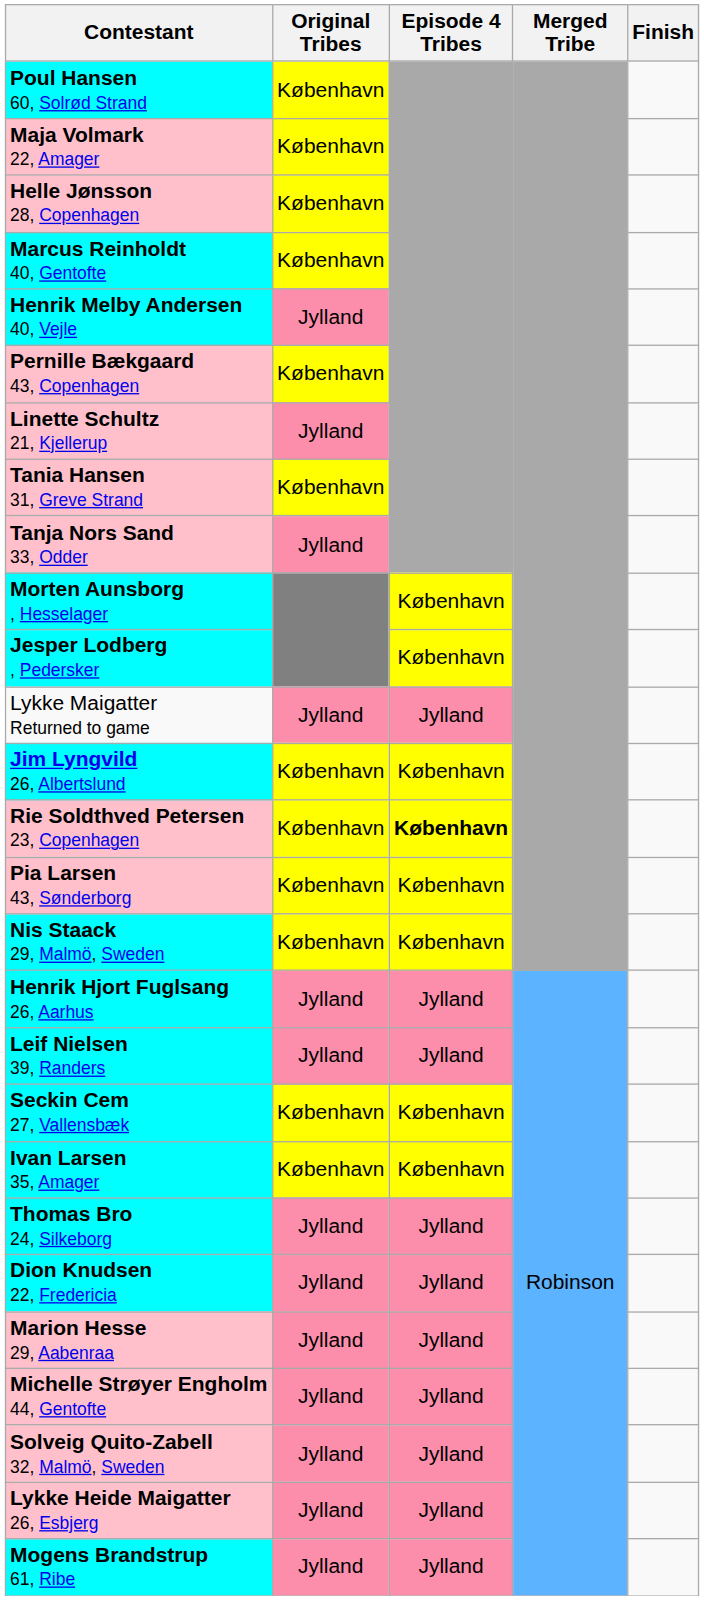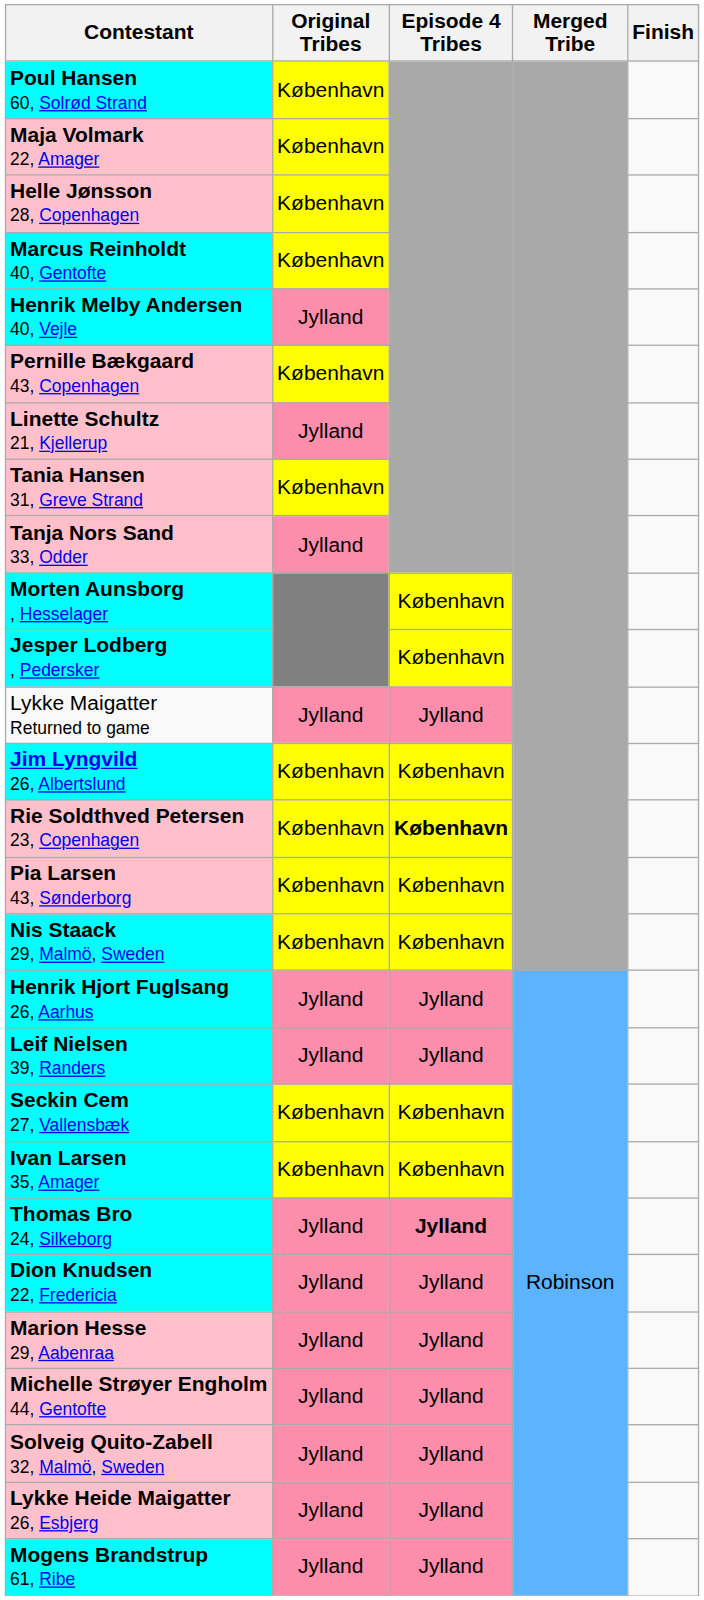 <table class="wikitable sortable" style="margin:auto; text-align:center">
 <tr>
 <th>Contestant</th>
 <th width=80>Original<br>Tribes</th>
 <th width=80>Episode 4<br>Tribes</th>
 <th width=80>Merged<br>Tribe</th>
 <th>Finish</th>
 </tr>
 <tr>
 <td align="left" bgcolor="cyan"><strong>Poul Hansen</strong><br><small>60, <a href='#'>Solrød Strand</a></small></td>
 <td align="center" bgcolor="yellow">København</td>
 <td bgcolor="darkgray" rowspan="9"></td>
 <td bgcolor="darkgray" rowspan="16"></td>
 <td></td>
 </tr>
 <tr>
 <td align="left" bgcolor="pink"><strong>Maja Volmark</strong><br><small>22, <a href='#'>Amager</a></small></td>
 <td align="center" bgcolor="yellow">København</td>
 <td></td>
 </tr>
 <tr>
 <td align="left" bgcolor="pink"><strong>Helle Jønsson</strong><br><small>28, <a href='#'>Copenhagen</a></small></td>
 <td align="center" bgcolor="yellow">København</td>
 <td></td>
 </tr>
 <tr>
 <td align="left" bgcolor="cyan"><strong>Marcus Reinholdt</strong><br><small>40, <a href='#'>Gentofte</a></small></td>
 <td align="center" bgcolor="yellow">København</td>
 <td></td>
 </tr>
 <tr>
 <td align="left" bgcolor="cyan"><strong>Henrik Melby Andersen</strong><br><small>40, <a href='#'>Vejle</a></small></td>
 <td align="center" bgcolor="#FC8EAC">Jylland</td>
 <td></td>
 </tr>
 <tr>
 <td align="left" bgcolor="pink"><strong>Pernille Bækgaard</strong><br><small>43, <a href='#'>Copenhagen</a></small></td>
 <td align="center" bgcolor="yellow">København</td>
 <td></td>
 </tr>
 <tr>
 <td align="left" bgcolor="pink"><strong>Linette Schultz</strong><br><small>21, <a href='#'>Kjellerup</a></small></td>
 <td align="center" bgcolor="#FC8EAC">Jylland</td>
 <td></td>
 </tr>
 <tr>
 <td align="left" bgcolor="pink"><strong>Tania Hansen</strong><br><small>31, <a href='#'>Greve Strand</a></small></td>
 <td align="center" bgcolor="yellow">København</td>
 <td></td>
 </tr>
 <tr>
 <td align="left" bgcolor="pink"><strong>Tanja Nors Sand</strong><br><small>33, <a href='#'>Odder</a></small></td>
 <td align="center" bgcolor="#FC8EAC">Jylland</td>
 <td></td>
 </tr>
 <tr>
 <td align="left" bgcolor="cyan"><strong>Morten Aunsborg</strong><br><small>, <a href='#'>Hesselager</a></small></td>
 <td align="center" bgcolor="gray" rowspan=2></td>
 <td align="center" bgcolor="yellow">København</td>
 <td></td>
 </tr>
 <tr>
 <td align="left" bgcolor="cyan"><strong>Jesper Lodberg</strong><br><small>, <a href='#'>Pedersker</a></small></td>
 <td align="center" bgcolor="yellow">København</td>
 <td></td>
 </tr>
 <tr>
 <td align="left">Lykke Maigatter<br><small>Returned to game</small></td>
 <td align="center" bgcolor="#FC8EAC">Jylland</td>
 <td align="center" bgcolor="#FC8EAC">Jylland</td>
 <td></td>
 </tr>
 <tr>
 <td align="left" bgcolor="cyan"><strong><a href='#'>Jim Lyngvild</a></strong><br><small>26, <a href='#'>Albertslund</a></small></td>
 <td align="center" bgcolor="yellow">København</td>
 <td align="center" bgcolor="yellow">København</td>
 <td></td>
 </tr>
 <tr>
 <td align="left" bgcolor="pink"><strong>Rie Soldthved Petersen</strong><br><small>23, <a href='#'>Copenhagen</a></small></td>
 <td align="center" bgcolor="yellow">København</td>
 <td align="center" bgcolor="yellow"><strong>København</strong></td>
 <td></td>
 </tr>
 <tr>
 <td align="left" bgcolor="pink"><strong>Pia Larsen</strong><br><small>43, <a href='#'>Sønderborg</a></small></td>
 <td align="center" bgcolor="yellow">København</td>
 <td align="center" bgcolor="yellow">København</td>
 <td></td>
 </tr>
 <tr>
 <td align="left" bgcolor="cyan"><strong>Nis Staack</strong><br><small>29, <a href='#'>Malmö</a>, <a href='#'>Sweden</a></small></td>
 <td align="center" bgcolor="yellow">København</td>
 <td align="center" bgcolor="yellow">København</td>
 <td></td>
 </tr>
 <tr>
 <td align="left" bgcolor="cyan"><strong>Henrik Hjort Fuglsang</strong><br><small>26, <a href='#'>Aarhus</a></small></td>
 <td align="center" bgcolor="#FC8EAC">Jylland</td>
 <td align="center" bgcolor="#FC8EAC">Jylland</td>
 <td align="center" bgcolor="#5CB3FF" rowspan=11>Robinson</td>
 <td></td>
 </tr>
 <tr>
 <td align="left" bgcolor="cyan"><strong>Leif Nielsen</strong><br><small>39, <a href='#'>Randers</a></small></td>
 <td align="center" bgcolor="#FC8EAC">Jylland</td>
 <td align="center" bgcolor="#FC8EAC">Jylland</td>
 <td></td>
 </tr>
 <tr>
 <td align="left" bgcolor="cyan"><strong>Seckin Cem</strong><br><small>27, <a href='#'>Vallensbæk</a></small></td>
 <td align="center" bgcolor="yellow">København</td>
 <td align="center" bgcolor="yellow">København</td>
 <td></td>
 </tr>
 <tr>
 <td align="left" bgcolor="cyan"><strong>Ivan Larsen</strong><br><small>35, <a href='#'>Amager</a></small></td>
 <td align="center" bgcolor="yellow">København</td>
 <td align="center" bgcolor="yellow">København</td>
 <td></td>
 </tr>
 <tr>
 <td align="left" bgcolor="cyan"><strong>Thomas Bro</strong><br><small>24, <a href='#'>Silkeborg</a></small></td>
 <td align="center" bgcolor="#FC8EAC">Jylland</td>
-<td align="center" bgcolor="#FC8EAC">Jylland</td>
+<td align="center" bgcolor="#FC8EAC"><strong>Jylland</strong></td>
 <td></td>
 </tr>
 <tr>
 <td align="left" bgcolor="cyan"><strong>Dion Knudsen</strong><br><small>22, <a href='#'>Fredericia</a></small></td>
 <td align="center" bgcolor="#FC8EAC">Jylland</td>
 <td align="center" bgcolor="#FC8EAC">Jylland</td>
 <td></td>
 </tr>
 <tr>
 <td align="left" bgcolor="pink"><strong>Marion Hesse</strong><br><small>29, <a href='#'>Aabenraa</a></small></td>
 <td align="center" bgcolor="#FC8EAC">Jylland</td>
 <td align="center" bgcolor="#FC8EAC">Jylland</td>
 <td></td>
 </tr>
 <tr>
 <td align="left" bgcolor="pink"><strong>Michelle Strøyer Engholm</strong><br><small>44, <a href='#'>Gentofte</a></small></td>
 <td align="center" bgcolor="#FC8EAC">Jylland</td>
 <td align="center" bgcolor="#FC8EAC">Jylland</td>
 <td></td>
 </tr>
 <tr>
 <td align="left" bgcolor="pink"><strong>Solveig Quito-Zabell</strong><br><small>32, <a href='#'>Malmö</a>, <a href='#'>Sweden</a></small></td>
 <td align="center" bgcolor="#FC8EAC">Jylland</td>
 <td align="center" bgcolor="#FC8EAC">Jylland</td>
 <td></td>
 </tr>
 <tr>
 <td align="left" bgcolor="pink"><strong>Lykke Heide Maigatter</strong><br><small>26, <a href='#'>Esbjerg</a></small></td>
 <td align="center" bgcolor="#FC8EAC">Jylland</td>
 <td align="center" bgcolor="#FC8EAC">Jylland</td>
 <td></td>
 </tr>
 <tr>
 <td align="left" bgcolor="cyan"><strong>Mogens Brandstrup</strong><br><small>61, <a href='#'>Ribe</a></small></td>
 <td align="center" bgcolor="#FC8EAC">Jylland</td>
 <td align="center" bgcolor="#FC8EAC">Jylland</td>
 <td></td>
 </tr>
 <tr>
 </tr>
 </table>
